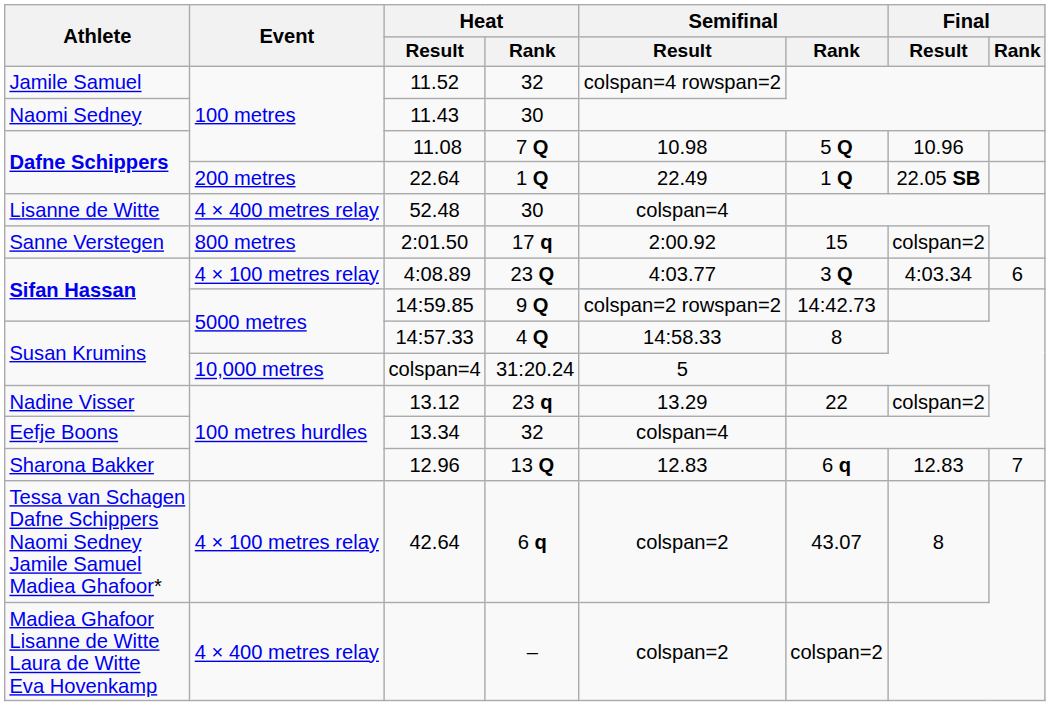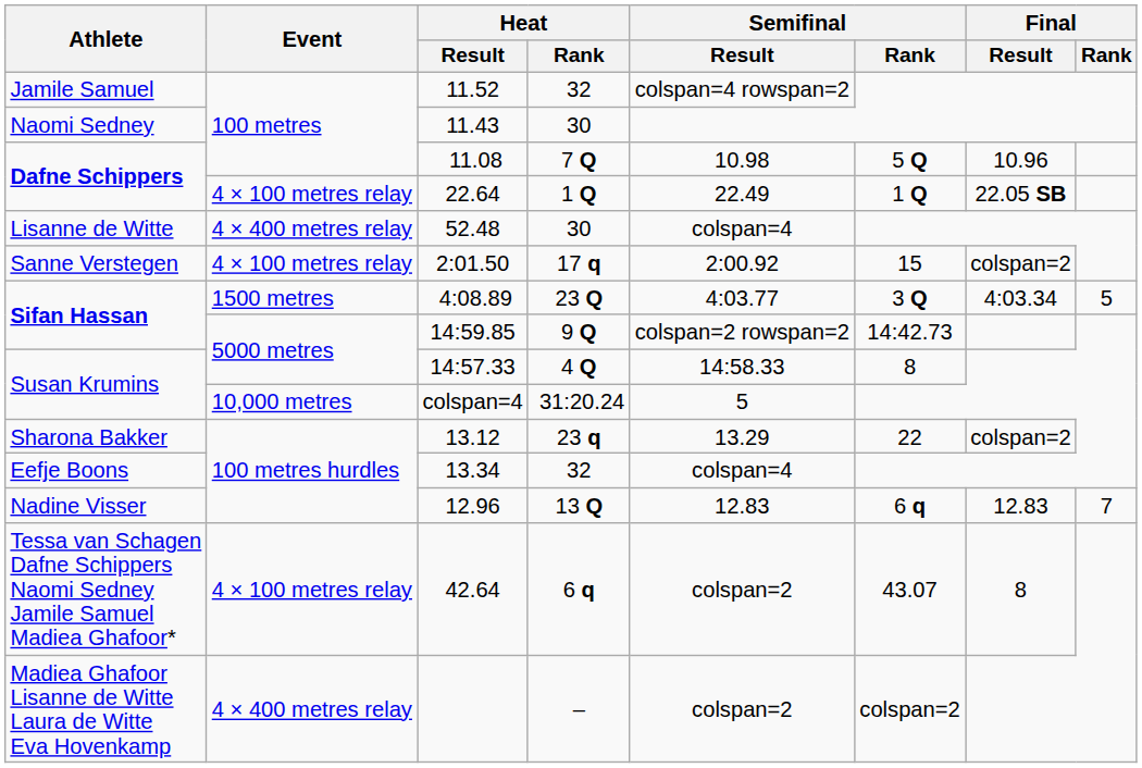 <table class="wikitable" style="font-size:90%">
 <tr>
 <th rowspan="2">Athlete</th>
 <th rowspan="2">Event</th>
 <th colspan="2">Heat</th>
 <th colspan="2">Semifinal</th>
 <th colspan="2">Final</th>
 </tr>
 <tr style="font-size:95%">
 <th>Result</th>
 <th>Rank</th>
 <th>Result</th>
 <th>Rank</th>
 <th>Result</th>
 <th>Rank</th>
 </tr>
 <tr style=text-align:center>
 <td style=text-align:left><a href='#'>Jamile Samuel</a></td>
 <td style=text-align:left rowspan=3><a href='#'>100 metres</a></td>
 <td>11.52</td>
 <td>32</td>
 <td>colspan=4 rowspan=2 </td>
 </tr>
 <tr style=text-align:center>
 <td style=text-align:left><a href='#'>Naomi Sedney</a></td>
 <td>11.43</td>
 <td>30</td>
 </tr>
 <tr style=text-align:center>
 <td style=text-align:left rowspan=2><strong><a href='#'>Dafne Schippers</a></strong></td>
 <td> 11.08</td>
 <td>7 <strong>Q</strong></td>
 <td>10.98</td>
 <td>5 <strong>Q</strong></td>
 <td>10.96</td>
 <td></td>
 </tr>
 <tr style=text-align:center>
-<td style=text-align:left><a href='#'>200 metres</a></td>
+<td style=text-align:left><a href='#'>4 × 100 metres relay</a></td>
 <td>22.64</td>
 <td>1 <strong>Q</strong></td>
 <td>22.49</td>
 <td>1 <strong>Q</strong></td>
 <td>22.05 <strong>SB</strong></td>
 <td></td>
 </tr>
 <tr style=text-align:center>
 <td style=text-align:left><a href='#'>Lisanne de Witte</a></td>
 <td style=text-align:left><a href='#'>4 × 400 metres relay</a></td>
 <td>52.48</td>
 <td>30</td>
 <td>colspan=4 </td>
 </tr>
 <tr style=text-align:center>
 <td style=text-align:left><a href='#'>Sanne Verstegen</a></td>
-<td style=text-align:left rowspan=1><a href='#'>800 metres</a></td>
+<td style=text-align:left><a href='#'>4 × 100 metres relay</a></td>
 <td>2:01.50</td>
 <td>17 <strong>q</strong></td>
 <td>2:00.92</td>
 <td>15</td>
 <td>colspan=2 </td>
 </tr>
 <tr style=text-align:center>
 <td style=text-align:left rowspan=2><strong><a href='#'>Sifan Hassan</a></strong></td>
-<td style=text-align:left><a href='#'>4 × 100 metres relay</a></td>
+<td style=text-align:left><a href='#'>1500 metres</a></td>
 <td> 4:08.89</td>
 <td>23 <strong>Q</strong></td>
 <td>4:03.77</td>
 <td>3 <strong>Q</strong></td>
 <td>4:03.34</td>
-<td>6</td>
+<td>5</td>
 </tr>
 <tr style=text-align:center>
 <td style=text-align:left rowspan=2><a href='#'>5000 metres</a></td>
 <td>14:59.85</td>
 <td>9 <strong>Q</strong></td>
 <td>colspan=2 rowspan=2 </td>
 <td>14:42.73</td>
 <td></td>
 </tr>
 <tr style=text-align:center>
 <td style=text-align:left rowspan=2><a href='#'>Susan Krumins</a></td>
 <td>14:57.33</td>
 <td>4 <strong>Q</strong></td>
 <td>14:58.33</td>
 <td>8</td>
 </tr>
 <tr style=text-align:center>
 <td style=text-align:left><a href='#'>10,000 metres</a></td>
 <td>colspan=4 </td>
 <td> 31:20.24</td>
 <td>5</td>
 </tr>
 <tr style=text-align:center>
-<td style=text-align:left><a href='#'>Nadine Visser</a></td>
+<td style=text-align:left><a href='#'>Sharona Bakker</a></td>
 <td style=text-align:left rowspan=3><a href='#'>100 metres hurdles</a></td>
 <td>13.12</td>
 <td>23 <strong>q</strong></td>
 <td>13.29</td>
 <td>22</td>
 <td>colspan=2 </td>
 </tr>
 <tr style=text-align:center>
 <td style=text-align:left><a href='#'>Eefje Boons</a></td>
 <td>13.34</td>
 <td>32</td>
 <td>colspan=4 </td>
 </tr>
 <tr style=text-align:center>
-<td style=text-align:left><a href='#'>Sharona Bakker</a></td>
+<td style=text-align:left><a href='#'>Nadine Visser</a></td>
 <td>12.96</td>
 <td>13 <strong>Q</strong></td>
 <td>12.83</td>
 <td>6 <strong>q</strong></td>
 <td>12.83</td>
 <td>7</td>
 </tr>
 <tr style=text-align:center>
 <td style=text-align:left><a href='#'>Tessa van Schagen</a><br><a href='#'>Dafne Schippers</a><br><a href='#'>Naomi Sedney</a><br><a href='#'>Jamile Samuel</a><br><a href='#'>Madiea Ghafoor</a>*</td>
 <td style=text-align:left><a href='#'>4 × 100 metres relay</a></td>
 <td>42.64</td>
 <td>6 <strong>q</strong></td>
 <td>colspan=2 </td>
 <td>43.07</td>
 <td>8</td>
 </tr>
 <tr style=text-align:center>
 <td style=text-align:left><a href='#'>Madiea Ghafoor</a><br><a href='#'>Lisanne de Witte</a><br><a href='#'>Laura de Witte</a><br><a href='#'>Eva Hovenkamp</a></td>
 <td style=text-align:left><a href='#'>4 × 400 metres relay</a></td>
 <td></td>
 <td>–</td>
 <td>colspan=2 </td>
 <td>colspan=2 </td>
 </tr>
 </table>
